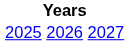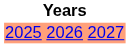 <table class="toccolours">
 <tr>
 <th>Years</th>
 </tr>
 <tr>
-<td><a href='#'>2025</a> <a href='#'>2026</a> <a href='#'>2027</a></td>
+<td style="background: lightsalmon;"><a href='#'>2025</a> <a href='#'>2026</a> <a href='#'>2027</a></td>
 </tr>
 </table>
